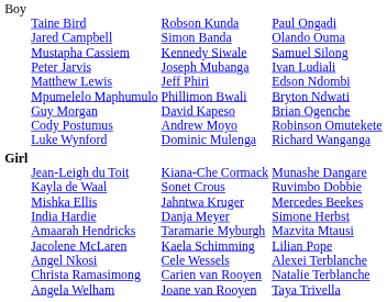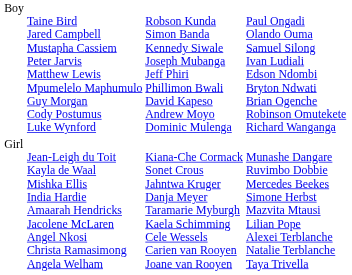 <table>
 <tr valign="top">
 <td>Boy<br></td>
 <td><br><a href='#'>Taine Bird</a><br><a href='#'>Jared Campbell</a><br><a href='#'>Mustapha Cassiem</a><br><a href='#'>Peter Jarvis</a><br><a href='#'>Matthew Lewis</a><br><a href='#'>Mpumelelo Maphumulo</a><br><a href='#'>Guy Morgan</a><br><a href='#'>Cody Postumus</a><br><a href='#'>Luke Wynford</a></td>
 <td><br><a href='#'>Robson Kunda</a><br><a href='#'>Simon Banda</a><br><a href='#'>Kennedy Siwale</a><br><a href='#'>Joseph Mubanga</a><br><a href='#'>Jeff Phiri</a><br><a href='#'>Phillimon Bwali</a><br><a href='#'>David Kapeso</a><br><a href='#'>Andrew Moyo</a><br><a href='#'>Dominic Mulenga</a></td>
 <td><br><a href='#'>Paul Ongadi</a><br><a href='#'>Olando Ouma</a><br><a href='#'>Samuel Silong</a><br><a href='#'>Ivan Ludiali</a><br><a href='#'>Edson Ndombi</a><br><a href='#'>Bryton Ndwati</a><br><a href='#'>Brian Ogenche</a><br><a href='#'>Robinson Omutekete</a><br><a href='#'>Richard Wanganga</a></td>
 </tr>
 <tr valign="top">
-<td><strong>Girl<br></strong></td>
+<td>Girl<br></td>
 <td><br><a href='#'>Jean-Leigh du Toit</a><br><a href='#'>Kayla de Waal</a><br><a href='#'>Mishka Ellis</a><br><a href='#'>India Hardie</a><br><a href='#'>Amaarah Hendricks</a><br><a href='#'>Jacolene McLaren</a><br><a href='#'>Angel Nkosi</a><br><a href='#'>Christa Ramasimong</a><br><a href='#'>Angela Welham</a></td>
 <td><br><a href='#'>Kiana-Che Cormack</a><br><a href='#'>Sonet Crous</a><br><a href='#'>Jahntwa Kruger</a><br><a href='#'>Danja Meyer</a><br><a href='#'>Taramarie Myburgh</a><br><a href='#'>Kaela Schimming</a><br><a href='#'>Cele Wessels</a><br><a href='#'>Carien van Rooyen</a><br><a href='#'>Joane van Rooyen</a></td>
 <td><br><a href='#'>Munashe Dangare</a><br><a href='#'>Ruvimbo Dobbie</a><br><a href='#'>Mercedes Beekes</a><br><a href='#'>Simone Herbst</a><br><a href='#'>Mazvita Mtausi</a><br><a href='#'>Lilian Pope</a><br><a href='#'>Alexei Terblanche</a><br><a href='#'>Natalie Terblanche</a><br><a href='#'>Taya Trivella</a></td>
 </tr>
 </table>
